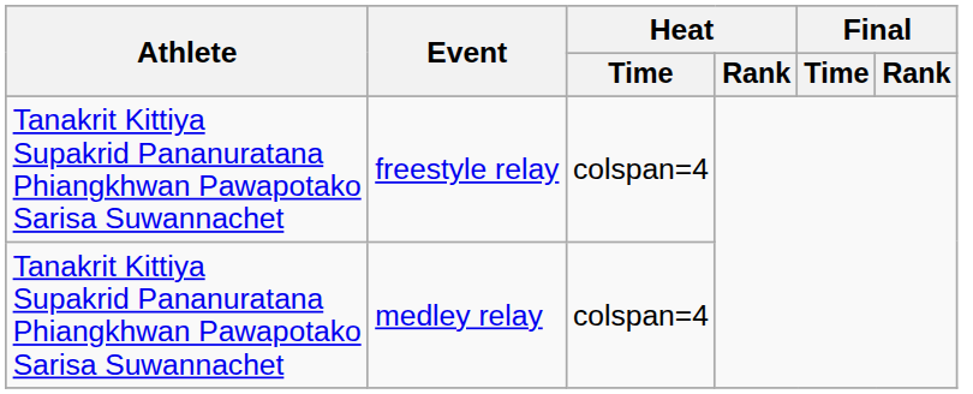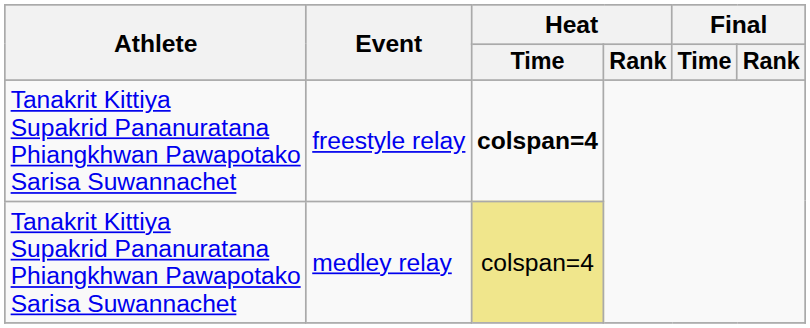 <table class=wikitable style="font-size:90%">
 <tr>
 <th rowspan=2>Athlete</th>
 <th rowspan=2>Event</th>
 <th colspan="2">Heat</th>
 <th colspan="2">Final</th>
 </tr>
 <tr style="font-size:95%">
 <th>Time</th>
 <th>Rank</th>
 <th>Time</th>
 <th>Rank</th>
 </tr>
 <tr align=center>
 <td align=left><a href='#'>Tanakrit Kittiya</a><br><a href='#'>Supakrid Pananuratana</a><br><a href='#'>Phiangkhwan Pawapotako</a><br><a href='#'>Sarisa Suwannachet</a></td>
 <td align=left><a href='#'> freestyle relay</a></td>
-<td>colspan=4 </td>
+<td><strong>colspan=4 </strong></td>
 </tr>
 <tr align=center>
 <td align=left><a href='#'>Tanakrit Kittiya</a><br><a href='#'>Supakrid Pananuratana</a><br><a href='#'>Phiangkhwan Pawapotako</a><br><a href='#'>Sarisa Suwannachet</a></td>
 <td align=left><a href='#'> medley relay</a></td>
-<td>colspan=4 </td>
+<td style="background: khaki;">colspan=4 </td>
 </tr>
 </table>
